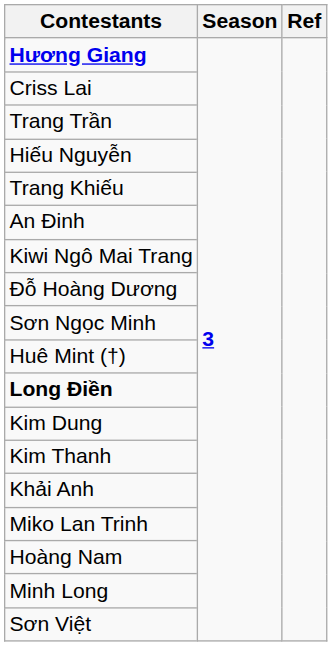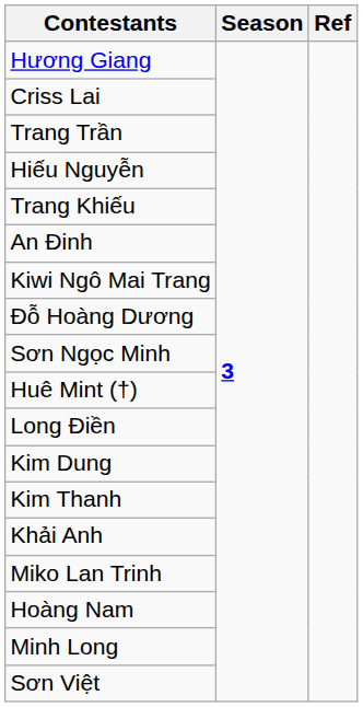 <table class="wikitable">
 <tr>
 <th rowspan="2">Contestants</th>
 <th>Season</th>
 <th><strong>Ref</strong></th>
 </tr>
 <tr>
 <td rowspan="19"><strong><a href='#'>3</a></strong></td>
 <td rowspan="19"></td>
 </tr>
 <tr>
-<td><strong><a href='#'>Hương Giang</a></strong></td>
+<td><a href='#'>Hương Giang</a></td>
 </tr>
 <tr>
 <td>Criss Lai</td>
 </tr>
 <tr>
 <td>Trang Trần</td>
 </tr>
 <tr>
 <td>Hiếu Nguyễn</td>
 </tr>
 <tr>
 <td>Trang Khiếu</td>
 </tr>
 <tr>
 <td>An Đinh</td>
 </tr>
 <tr>
 <td>Kiwi Ngô Mai Trang</td>
 </tr>
 <tr>
 <td>Đỗ Hoàng Dương</td>
 </tr>
 <tr>
 <td>Sơn Ngọc Minh</td>
 </tr>
 <tr>
 <td>Huê Mint (†)</td>
 </tr>
 <tr>
-<td><strong>Long Điền</strong></td>
+<td>Long Điền</td>
 </tr>
 <tr>
 <td>Kim Dung</td>
 </tr>
 <tr>
 <td>Kim Thanh</td>
 </tr>
 <tr>
 <td>Khải Anh</td>
 </tr>
 <tr>
 <td>Miko Lan Trinh</td>
 </tr>
 <tr>
 <td>Hoàng Nam</td>
 </tr>
 <tr>
 <td>Minh Long</td>
 </tr>
 <tr>
 <td>Sơn Việt</td>
 </tr>
 </table>
